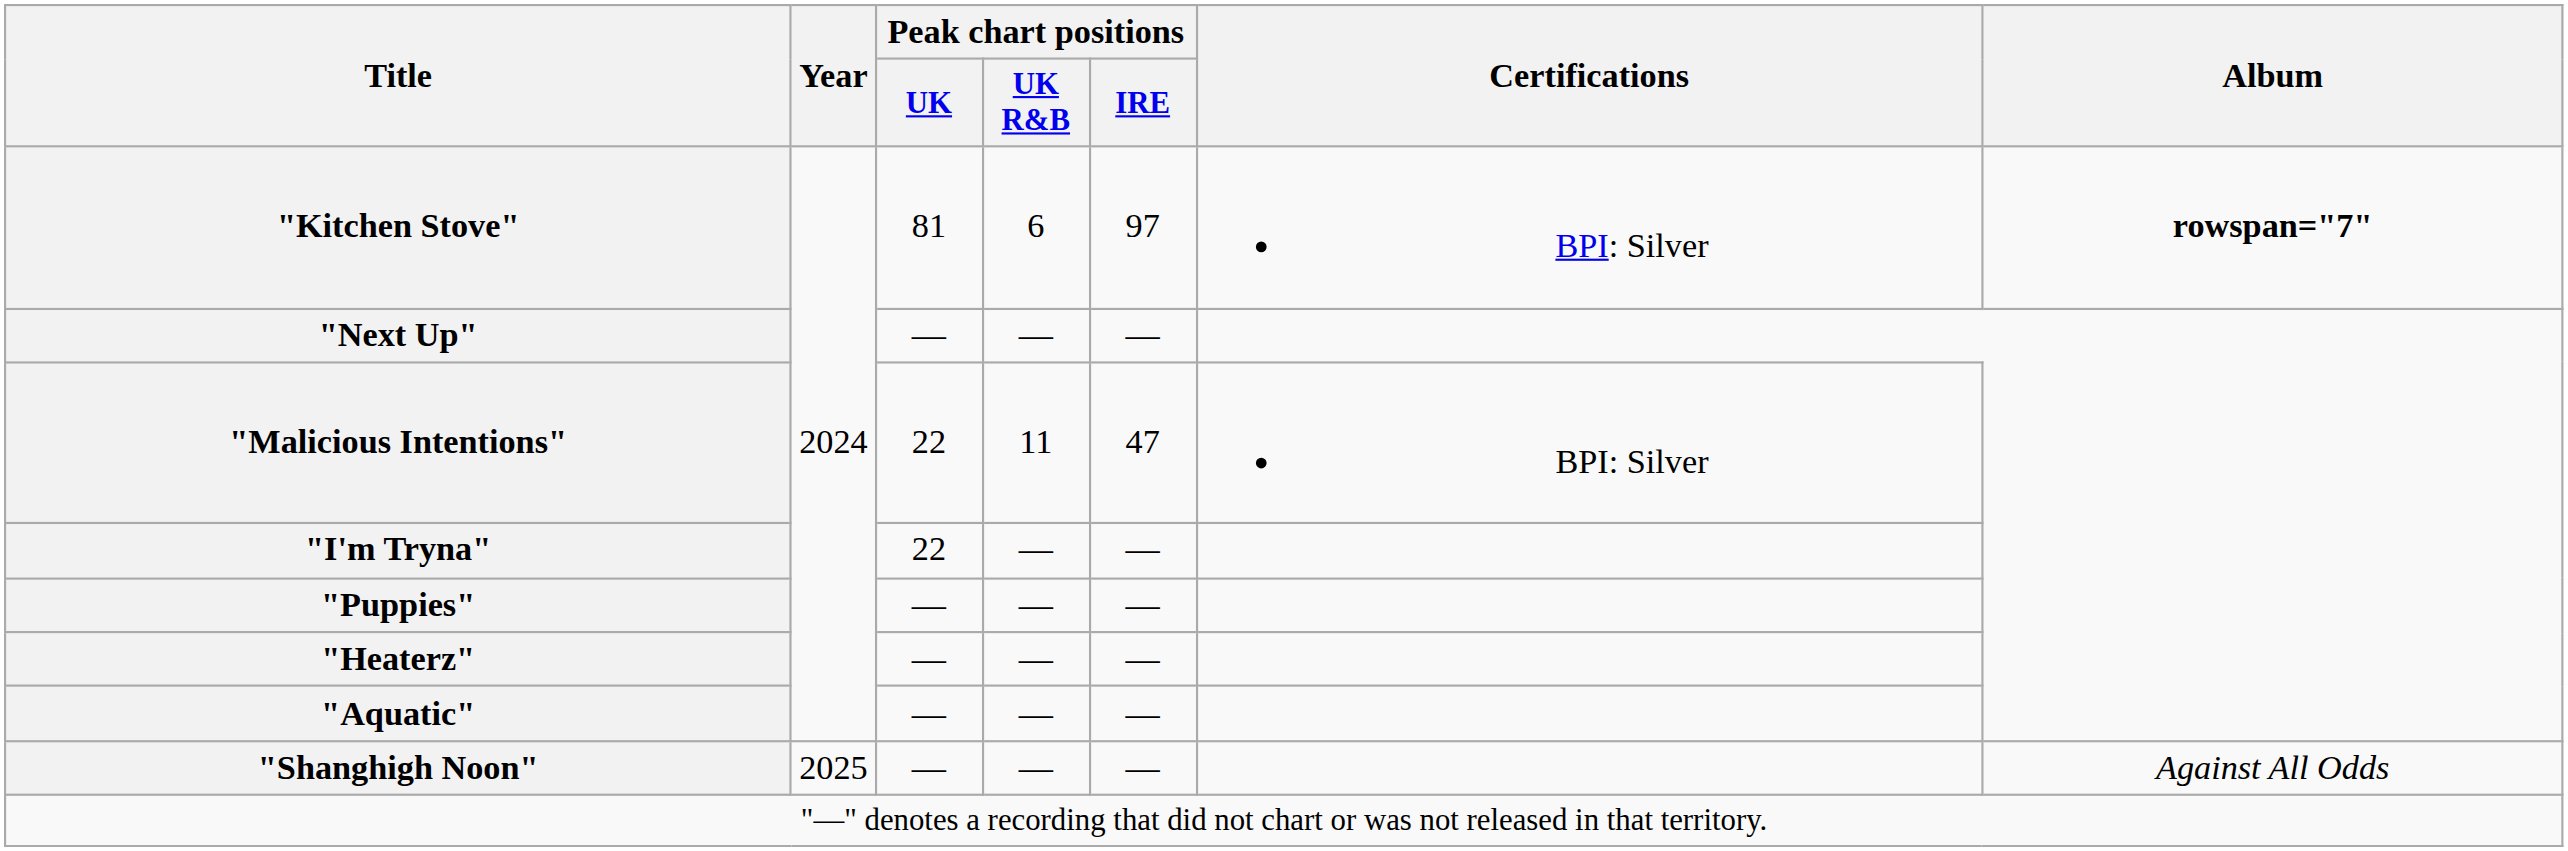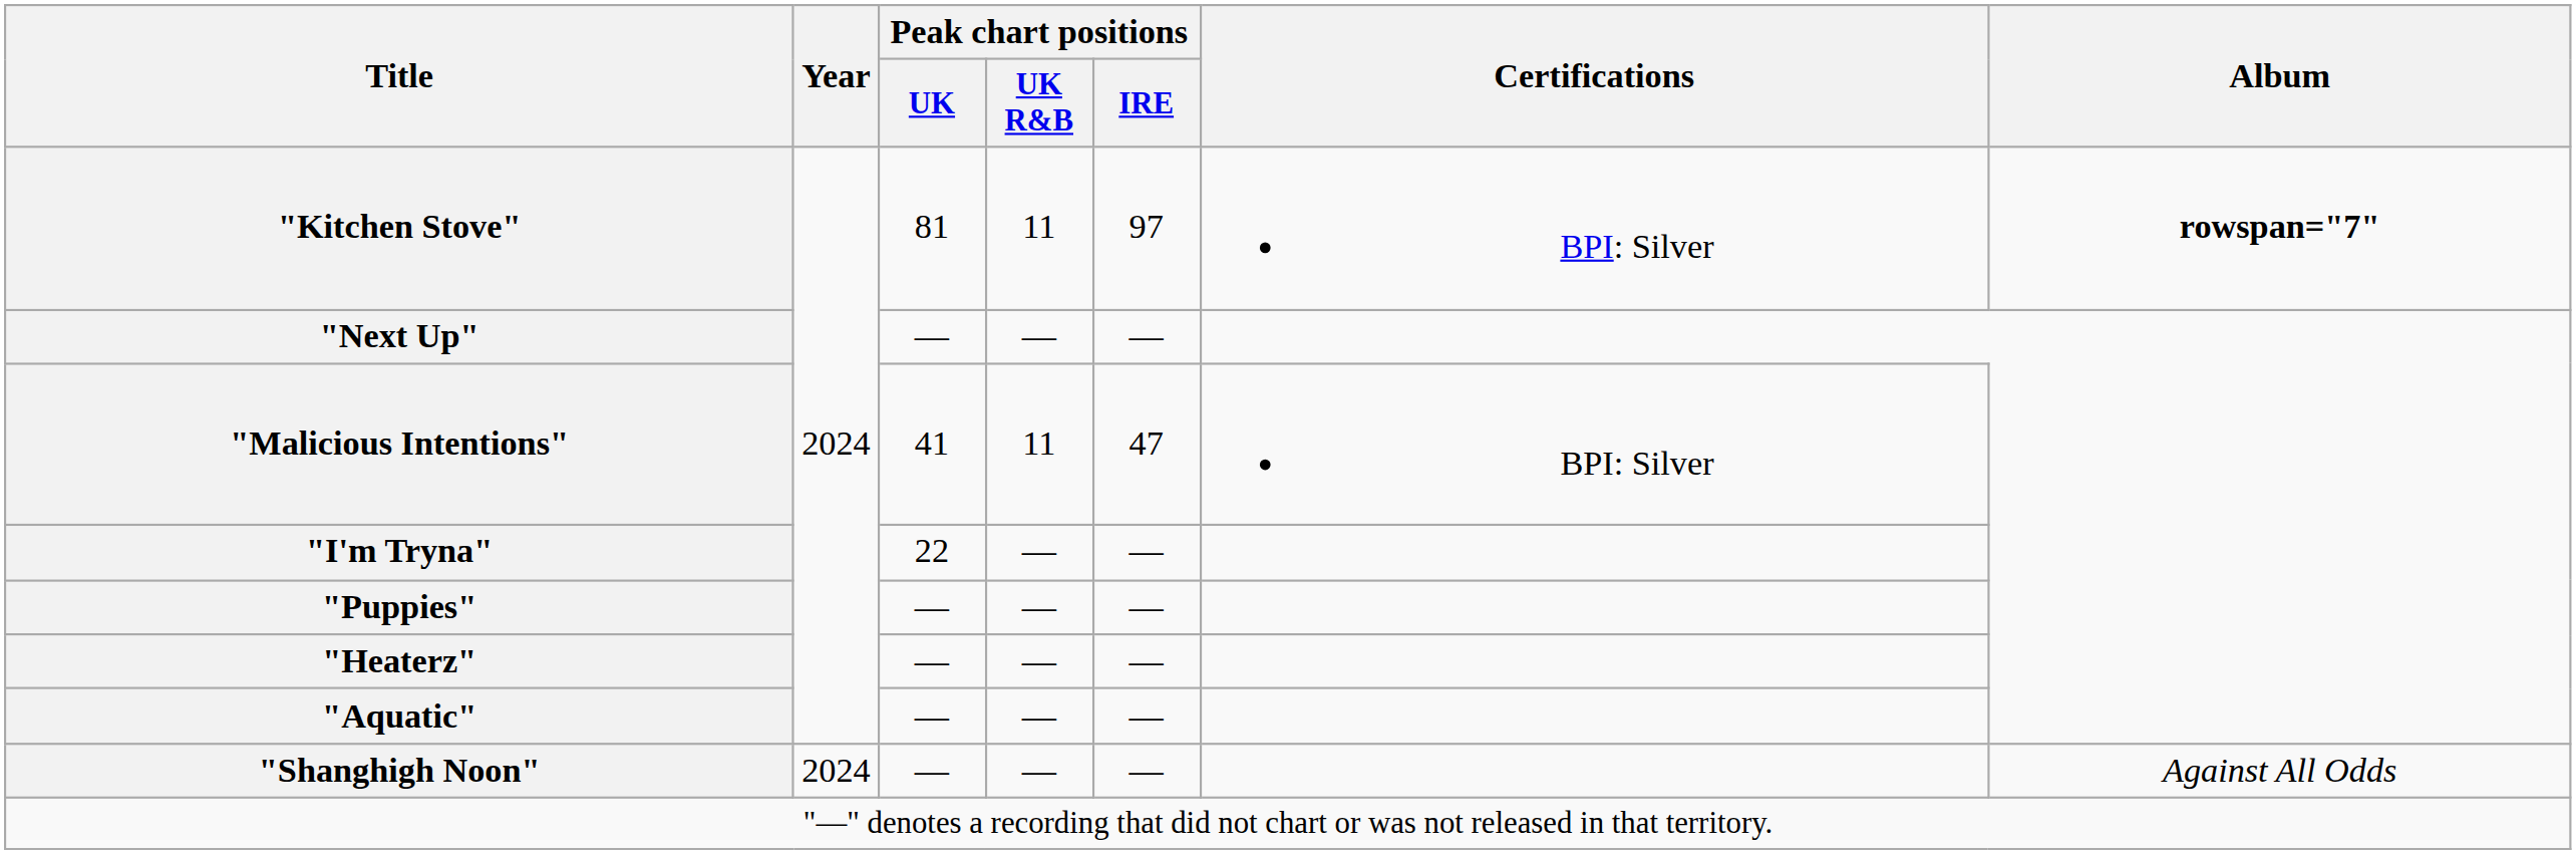 <table class="wikitable plainrowheaders" style="text-align:center;">
 <tr>
 <th scope="col" rowspan="2" style="width:22.5em;">Title</th>
 <th scope="col" rowspan="2" style="width:1em;">Year</th>
 <th scope="col" colspan="3">Peak chart positions</th>
 <th scope="col" rowspan="2" style="width:22.5em;">Certifications</th>
 <th scope="col" rowspan="2" style="width:16.5em;">Album</th>
 </tr>
 <tr>
 <th scope="col" style="width:3em;font-size:90%;"><a href='#'>UK</a><br></th>
 <th scope="col" style="width:3em;font-size:90%;"><a href='#'>UK<br>R&B</a><br></th>
 <th scope="col" style="width:3em;font-size:90%;"><a href='#'>IRE</a><br></th>
 </tr>
 <tr>
 <th scope="row">"Kitchen Stove"<br></th>
 <td rowspan="7">2024</td>
 <td>81</td>
-<td>6</td>
+<td>11</td>
 <td>97</td>
 <td><br><ul><li><a href='#'>BPI</a>: Silver</li></ul></td>
 <td><strong>rowspan="7" </strong></td>
 </tr>
 <tr>
 <th scope="row">"Next Up"<br></th>
 <td>—</td>
 <td>—</td>
 <td>—</td>
 </tr>
 <tr>
 <th scope="row">"Malicious Intentions"</th>
-<td>22</td>
+<td>41</td>
 <td>11</td>
 <td>47</td>
 <td><br><ul><li>BPI: Silver</li></ul></td>
 </tr>
 <tr>
 <th scope="row">"I'm Tryna"</th>
 <td>22</td>
 <td>—</td>
 <td>—</td>
 <td></td>
 </tr>
 <tr>
 <th scope="row">"Puppies"</th>
 <td>—</td>
 <td>—</td>
 <td>—</td>
 <td></td>
 </tr>
 <tr>
 <th scope="row">"Heaterz"<br></th>
 <td>—</td>
 <td>—</td>
 <td>—</td>
 <td></td>
 </tr>
 <tr>
 <th scope="row">"Aquatic"</th>
 <td>—</td>
 <td>—</td>
 <td>—</td>
 <td></td>
 </tr>
 <tr>
 <th scope="row">"Shanghigh Noon"</th>
-<td rowspan="1">2025</td>
+<td rowspan="1">2024</td>
 <td>—</td>
 <td>—</td>
 <td>—</td>
 <td></td>
 <td><em>Against All Odds</em></td>
 </tr>
 <tr>
 <td colspan="7" style="font-size:90%">"—" denotes a recording that did not chart or was not released in that territory.</td>
 </tr>
 </table>
